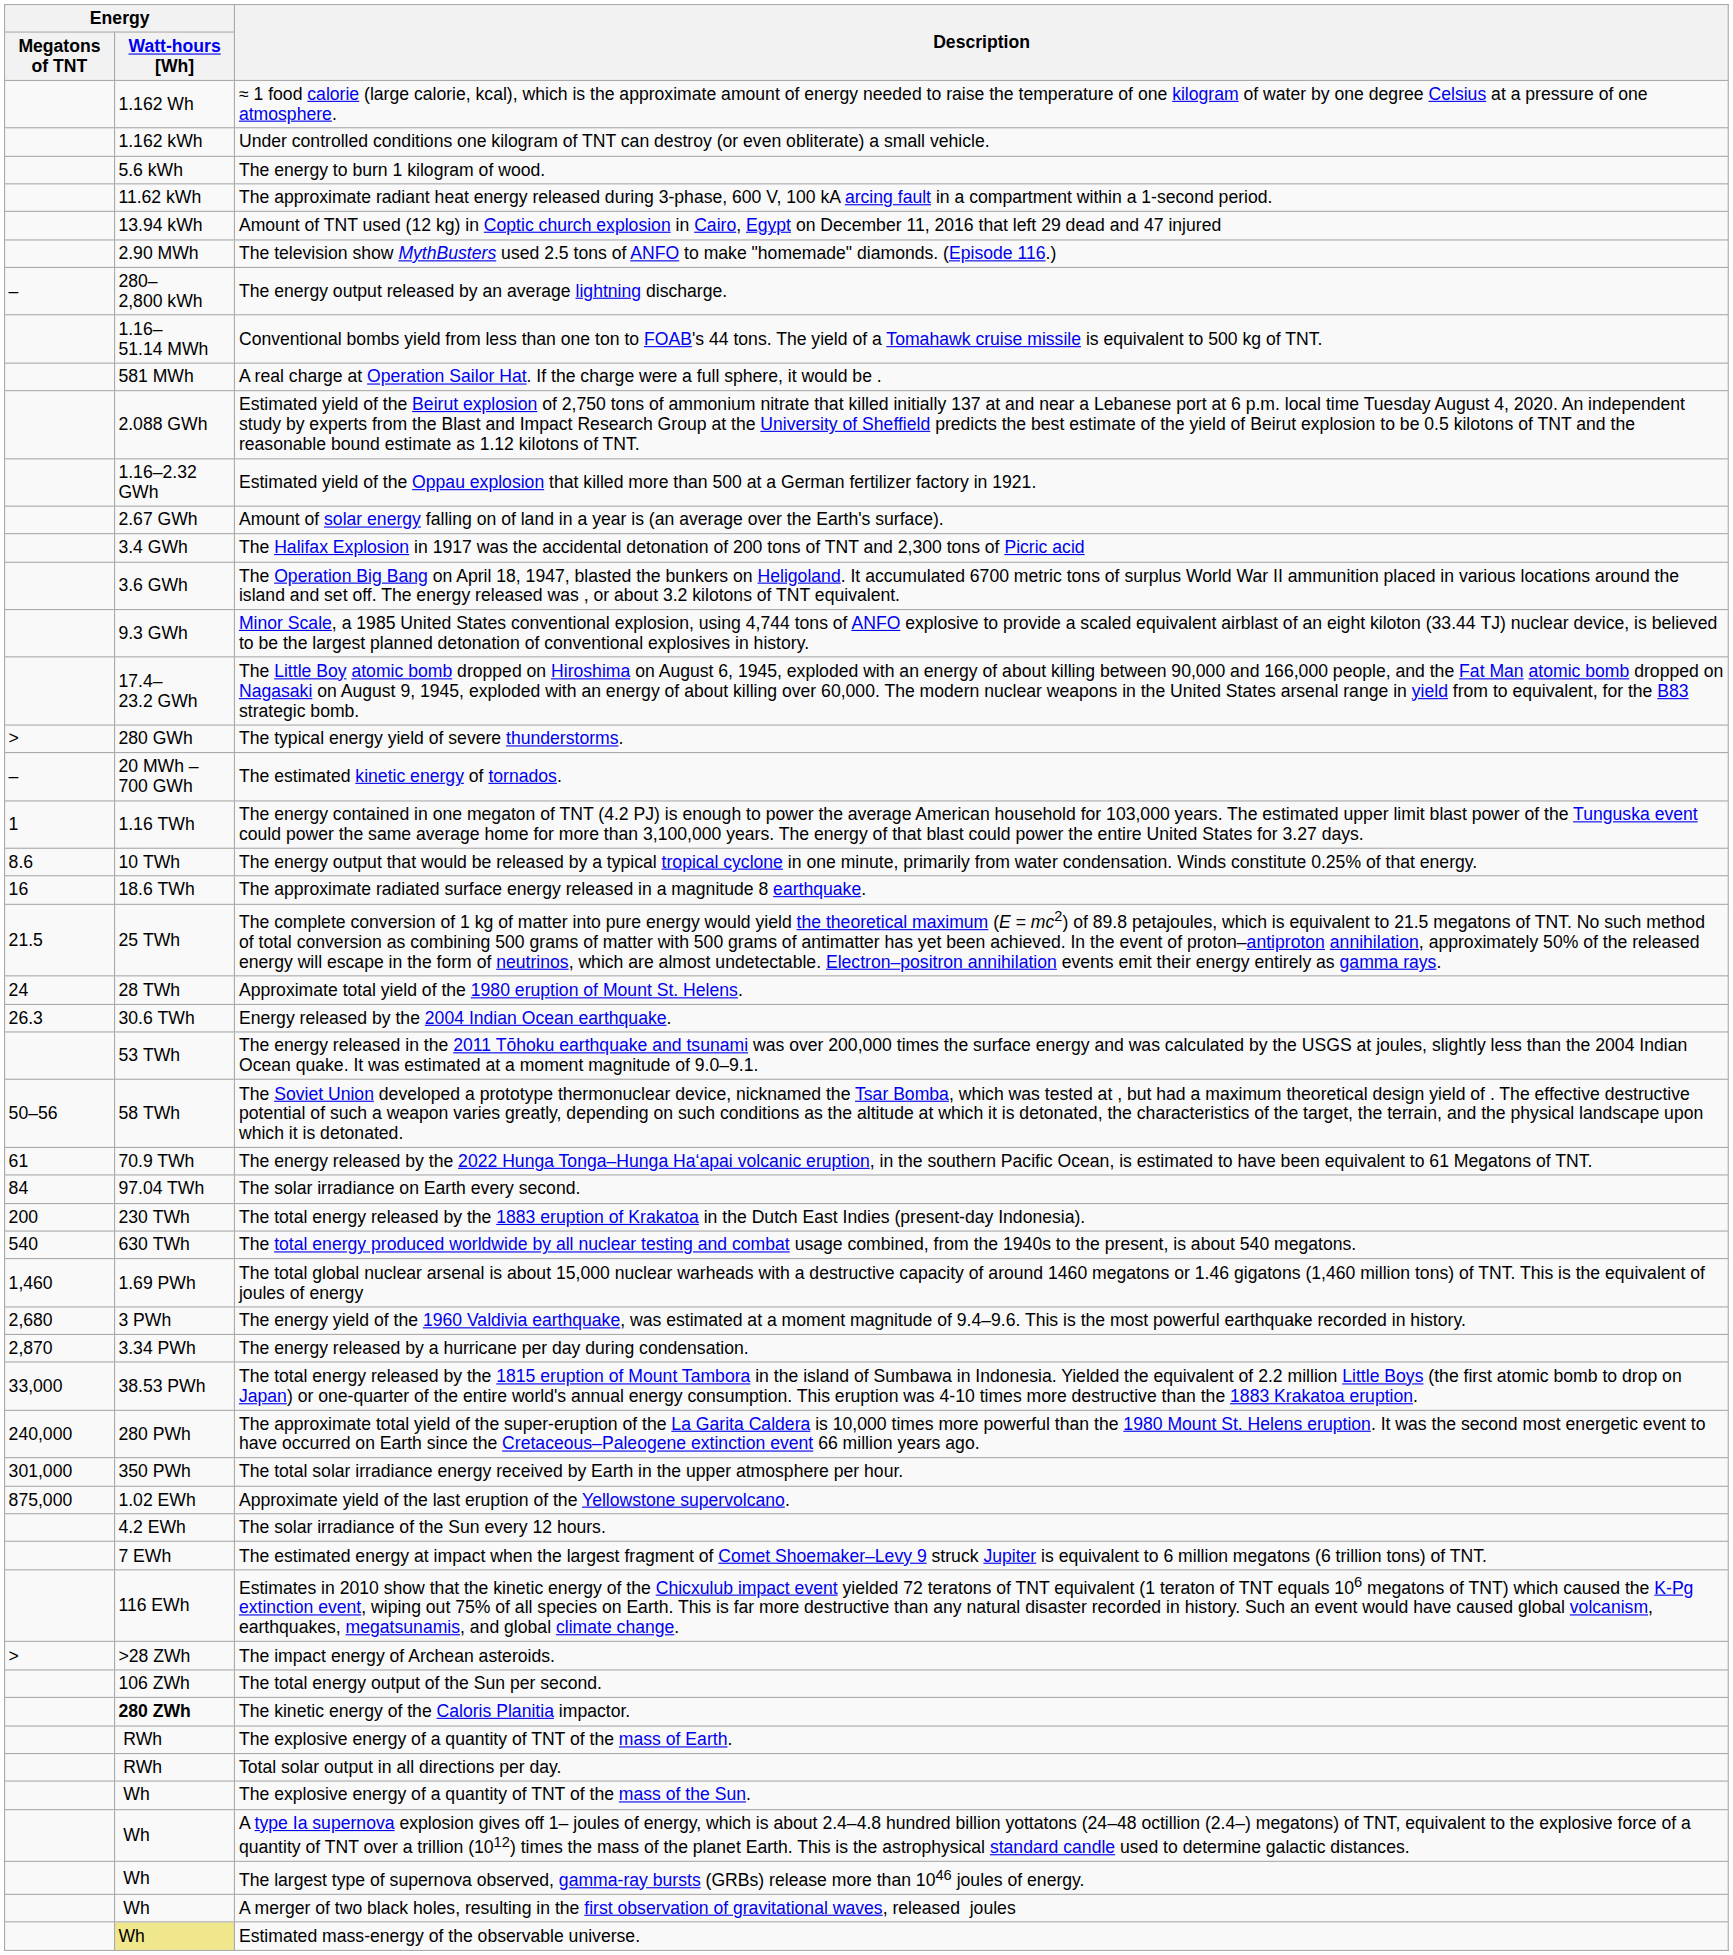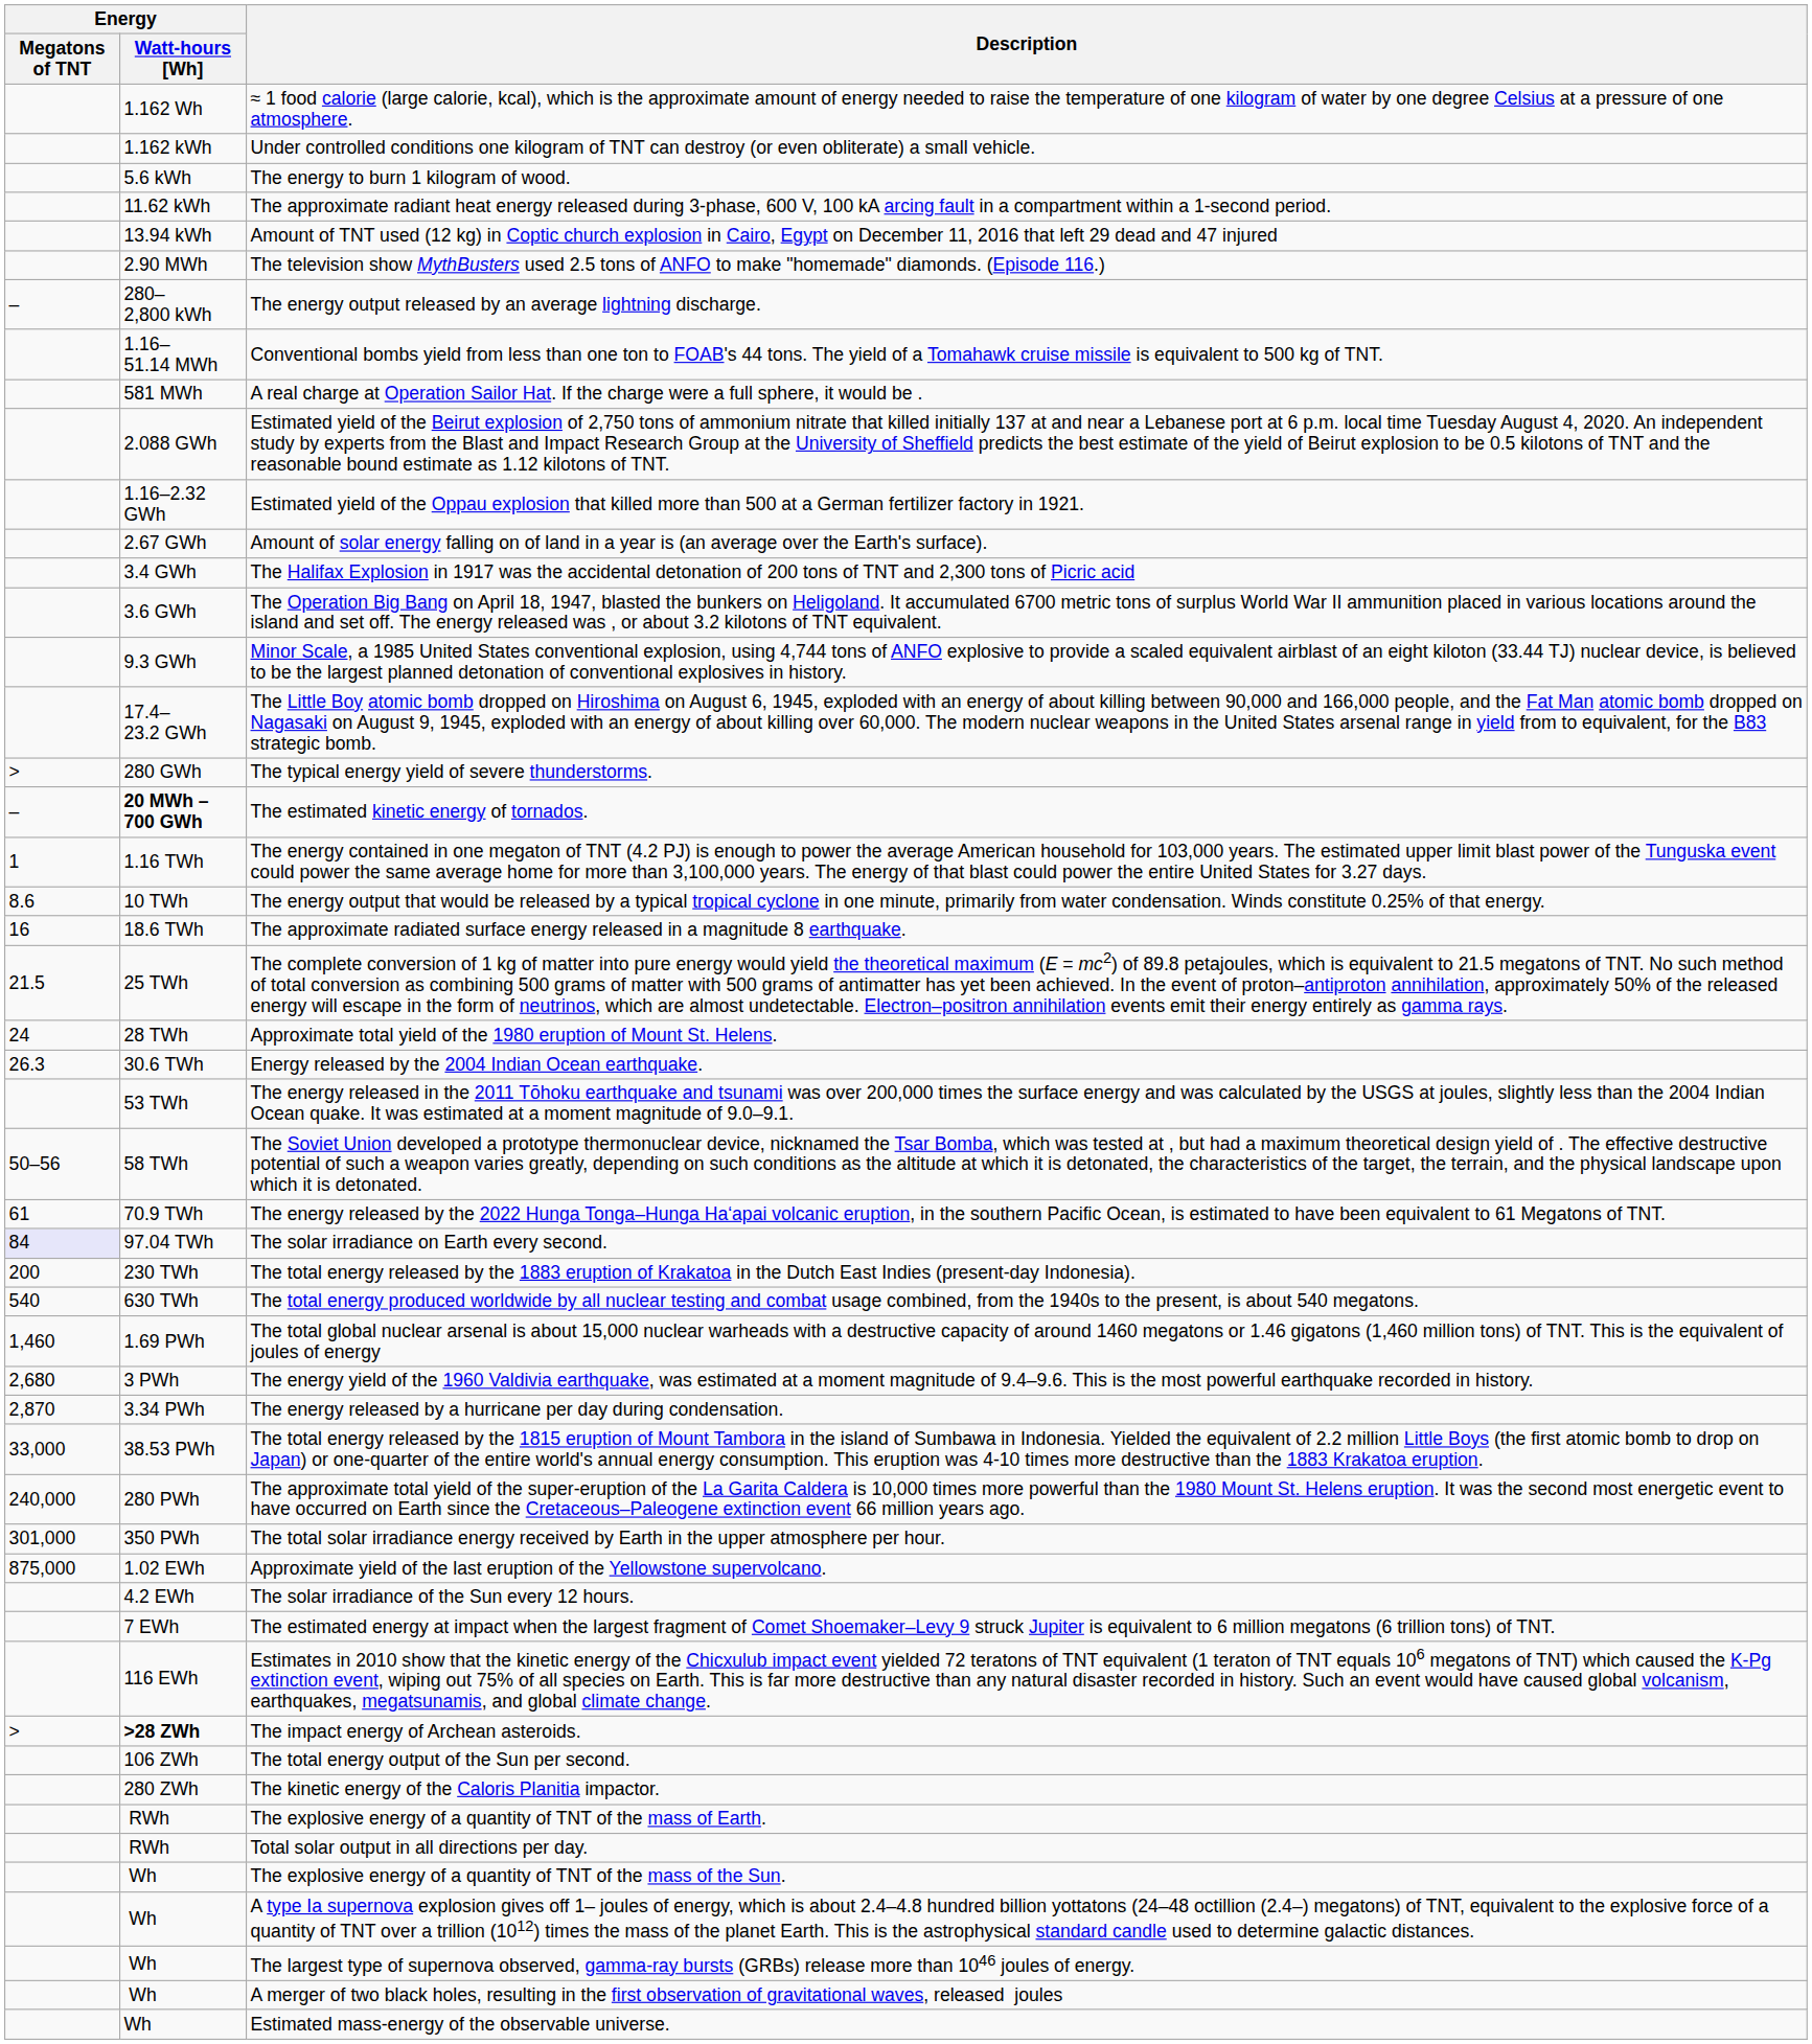 <table class=wikitable>
 <tr>
 <th colspan="2">Energy</th>
 <th rowspan="2">Description</th>
 </tr>
 <tr>
 <th>Megatons of TNT</th>
 <th><a href='#'>Watt-hours</a> [Wh]</th>
 </tr>
 <tr>
 <td></td>
 <td>1.162 Wh</td>
 <td>≈ 1 food <a href='#'>calorie</a> (large calorie, kcal), which is the approximate amount of energy needed to raise the temperature of one <a href='#'>kilogram</a> of water by one degree <a href='#'>Celsius</a> at a pressure of one <a href='#'>atmosphere</a>.</td>
 </tr>
 <tr>
 <td></td>
 <td>1.162 kWh</td>
 <td>Under controlled conditions one kilogram of TNT can destroy (or even obliterate) a small vehicle.</td>
 </tr>
 <tr>
 <td></td>
 <td>5.6 kWh</td>
 <td>The energy to burn 1 kilogram of wood.</td>
 </tr>
 <tr>
 <td></td>
 <td>11.62 kWh</td>
 <td>The approximate radiant heat energy released during 3-phase, 600 V, 100 kA <a href='#'>arcing fault</a> in a  compartment within a 1-second period.</td>
 </tr>
 <tr>
 <td></td>
 <td>13.94 kWh</td>
 <td>Amount of TNT used (12 kg) in <a href='#'>Coptic church explosion</a> in <a href='#'>Cairo</a>, <a href='#'>Egypt</a> on December 11, 2016 that left 29 dead and 47 injured</td>
 </tr>
 <tr>
 <td></td>
 <td>2.90 MWh</td>
 <td>The television show <em><a href='#'>MythBusters</a></em> used 2.5 tons of <a href='#'>ANFO</a> to make "homemade" diamonds. (<a href='#'>Episode 116</a>.)</td>
 </tr>
 <tr>
 <td>–</td>
 <td>280–2,800 kWh</td>
 <td>The energy output released by an average <a href='#'>lightning</a> discharge.</td>
 </tr>
 <tr>
 <td></td>
 <td>1.16–51.14 MWh</td>
 <td>Conventional bombs yield from less than one ton to <a href='#'>FOAB</a>'s 44 tons. The yield of a <a href='#'>Tomahawk cruise missile</a> is equivalent to 500 kg of TNT.</td>
 </tr>
 <tr>
 <td></td>
 <td>581 MWh</td>
 <td>A real  charge at <a href='#'>Operation Sailor Hat</a>. If the charge were a full sphere, it would be . </td>
 </tr>
 <tr>
 <td></td>
 <td>2.088 GWh</td>
 <td>Estimated yield of the <a href='#'>Beirut explosion</a> of 2,750 tons of ammonium nitrate that killed initially 137 at and near a Lebanese port at 6 p.m. local time Tuesday August 4, 2020. An independent study by experts from the Blast and Impact Research Group at the <a href='#'>University of Sheffield</a> predicts the best estimate of the yield of Beirut explosion to be 0.5 kilotons of TNT and the reasonable bound estimate as 1.12 kilotons of TNT.</td>
 </tr>
 <tr>
 <td></td>
 <td>1.16–2.32 GWh</td>
 <td>Estimated yield of the <a href='#'>Oppau explosion</a> that killed more than 500 at a German fertilizer factory in 1921.</td>
 </tr>
 <tr>
 <td></td>
 <td>2.67 GWh</td>
 <td>Amount of <a href='#'>solar energy</a> falling on  of land in a year is  (an average over the Earth's surface).</td>
 </tr>
 <tr>
 <td></td>
 <td>3.4 GWh</td>
 <td>The <a href='#'>Halifax Explosion</a> in 1917 was the accidental detonation of 200 tons of TNT and 2,300 tons of <a href='#'>Picric acid</a></td>
 </tr>
 <tr>
 <td></td>
 <td>3.6 GWh</td>
 <td>The <a href='#'>Operation Big Bang</a> on April 18, 1947, blasted the bunkers on <a href='#'>Heligoland</a>. It accumulated 6700 metric tons of surplus World War II ammunition placed in various locations around the island and set off. The energy released was , or about 3.2 kilotons of TNT equivalent.</td>
 </tr>
 <tr>
 <td></td>
 <td>9.3 GWh</td>
 <td><a href='#'>Minor Scale</a>, a 1985 United States conventional explosion, using 4,744 tons of <a href='#'>ANFO</a> explosive to provide a scaled equivalent airblast of an eight kiloton (33.44 TJ) nuclear device, is believed to be the largest planned detonation of conventional explosives in history.</td>
 </tr>
 <tr>
 <td></td>
 <td>17.4–23.2 GWh</td>
 <td>The <a href='#'>Little Boy</a> <a href='#'>atomic bomb</a> dropped on <a href='#'>Hiroshima</a> on August 6, 1945, exploded with an energy of about  killing between 90,000 and 166,000 people, and the <a href='#'>Fat Man</a> <a href='#'>atomic bomb</a> dropped on <a href='#'>Nagasaki</a> on August 9, 1945, exploded with an energy of about  killing over 60,000. The modern nuclear weapons in the United States arsenal range in <a href='#'>yield</a> from  to  equivalent, for the <a href='#'>B83</a> strategic bomb.</td>
 </tr>
 <tr>
 <td>></td>
 <td>280 GWh</td>
 <td>The typical energy yield of severe <a href='#'>thunderstorms</a>.</td>
 </tr>
 <tr>
 <td> – </td>
-<td>20 MWh – 700 GWh</td>
+<td><strong>20 MWh – 700 GWh</strong></td>
 <td>The estimated <a href='#'>kinetic energy</a> of <a href='#'>tornados</a>.</td>
 </tr>
 <tr>
 <td>1</td>
 <td>1.16 TWh</td>
 <td>The energy contained in one megaton of TNT (4.2 PJ) is enough to power the average American household for 103,000 years. The  estimated upper limit blast power of the <a href='#'>Tunguska event</a> could power the same average home for more than 3,100,000 years. The energy of that blast could power the entire United States for 3.27 days.</td>
 </tr>
 <tr>
 <td>8.6</td>
 <td>10 TWh</td>
 <td>The energy output that would be released by a typical <a href='#'>tropical cyclone</a> in one minute, primarily from water condensation. Winds constitute 0.25% of that energy.</td>
 </tr>
 <tr>
 <td>16</td>
 <td>18.6 TWh</td>
 <td>The approximate radiated surface energy released in a magnitude 8 <a href='#'>earthquake</a>.</td>
 </tr>
 <tr>
 <td>21.5</td>
 <td>25 TWh</td>
 <td>The complete conversion of 1 kg of matter into pure energy would yield <a href='#'>the theoretical maximum</a> (<em>E</em> = <em>mc</em><sup>2</sup>)  of 89.8 petajoules, which is equivalent to 21.5 megatons of TNT. No such method of total conversion as combining 500 grams of matter with 500 grams of antimatter has yet been achieved. In the event of proton–<a href='#'>antiproton</a> <a href='#'>annihilation</a>, approximately 50% of the released energy will escape in the form of <a href='#'>neutrinos</a>, which are almost undetectable. <a href='#'>Electron–positron annihilation</a> events emit their energy entirely as <a href='#'>gamma rays</a>.</td>
 </tr>
 <tr>
 <td>24</td>
 <td>28 TWh</td>
 <td>Approximate total yield of the <a href='#'>1980 eruption of Mount St. Helens</a>.</td>
 </tr>
 <tr>
 <td>26.3</td>
 <td>30.6 TWh</td>
 <td>Energy released by the <a href='#'>2004 Indian Ocean earthquake</a>.</td>
 </tr>
 <tr>
 <td></td>
 <td>53 TWh</td>
 <td>The energy released in the <a href='#'>2011 Tōhoku earthquake and tsunami</a> was over 200,000 times the surface energy and was calculated by the USGS at  joules, slightly less than the 2004 Indian Ocean quake. It was estimated at a moment magnitude of 9.0–9.1.</td>
 </tr>
 <tr>
 <td>50–56</td>
 <td>58 TWh</td>
 <td>The <a href='#'>Soviet Union</a> developed a prototype thermonuclear device, nicknamed the <a href='#'>Tsar Bomba</a>, which was tested at , but had a maximum theoretical design yield of . The effective destructive potential of such a weapon varies greatly, depending on such conditions as the altitude at which it is detonated, the characteristics of the target, the terrain, and the physical landscape upon which it is detonated.</td>
 </tr>
 <tr>
 <td>61</td>
 <td>70.9 TWh</td>
 <td>The energy released by the <a href='#'>2022 Hunga Tonga–Hunga Haʻapai volcanic eruption</a>, in the southern Pacific Ocean, is estimated to have been equivalent to 61 Megatons of TNT.</td>
 </tr>
 <tr>
-<td>84</td>
+<td style="background: lavender;">84</td>
 <td>97.04 TWh</td>
 <td>The solar irradiance on Earth every second.</td>
 </tr>
 <tr>
 <td>200</td>
 <td>230 TWh</td>
 <td>The total energy released by the <a href='#'>1883 eruption of Krakatoa</a> in the Dutch East Indies (present-day Indonesia).</td>
 </tr>
 <tr>
 <td>540</td>
 <td>630 TWh</td>
 <td>The <a href='#'>total energy produced worldwide by all nuclear testing and combat</a> usage combined, from the 1940s to the present, is about 540 megatons.</td>
 </tr>
 <tr>
 <td>1,460</td>
 <td>1.69 PWh</td>
 <td>The total global nuclear arsenal is about 15,000 nuclear warheads with a destructive capacity of around 1460 megatons or 1.46 gigatons (1,460 million tons) of TNT. This is the equivalent of  joules of energy</td>
 </tr>
 <tr>
 <td>2,680</td>
 <td>3 PWh</td>
 <td>The energy yield of the <a href='#'>1960 Valdivia earthquake</a>, was estimated at a moment magnitude of 9.4–9.6. This is the most powerful earthquake recorded in history.</td>
 </tr>
 <tr>
 <td>2,870</td>
 <td>3.34 PWh</td>
 <td>The energy released by a hurricane per day during condensation.</td>
 </tr>
 <tr>
 <td>33,000</td>
 <td>38.53 PWh</td>
 <td>The total energy released by the <a href='#'>1815 eruption of Mount Tambora</a> in the island of Sumbawa in Indonesia. Yielded the equivalent of 2.2 million <a href='#'>Little Boys</a> (the first atomic bomb to drop on <a href='#'>Japan</a>) or one-quarter of the entire world's annual energy consumption. This eruption was 4-10 times more destructive than the <a href='#'>1883 Krakatoa eruption</a>.</td>
 </tr>
 <tr>
 <td>240,000</td>
 <td>280 PWh</td>
 <td>The approximate total yield of the super-eruption of the <a href='#'>La Garita Caldera</a> is 10,000 times more powerful than the <a href='#'>1980 Mount St. Helens eruption</a>. It was the second most energetic event to have occurred on Earth since the <a href='#'>Cretaceous–Paleogene extinction event</a> 66 million years ago.</td>
 </tr>
 <tr>
 <td>301,000</td>
 <td>350 PWh</td>
 <td>The total solar irradiance energy received by Earth in the upper atmosphere per hour.</td>
 </tr>
 <tr>
 <td>875,000</td>
 <td>1.02 EWh</td>
 <td>Approximate yield of the last eruption of the <a href='#'>Yellowstone supervolcano</a>.</td>
 </tr>
 <tr>
 <td></td>
 <td>4.2 EWh</td>
 <td>The solar irradiance of the Sun every 12 hours.</td>
 </tr>
 <tr>
 <td></td>
 <td>7 EWh</td>
 <td>The estimated energy at impact when the largest fragment of <a href='#'>Comet Shoemaker–Levy 9</a> struck <a href='#'>Jupiter</a> is equivalent to 6 million megatons (6 trillion tons) of TNT.</td>
 </tr>
 <tr>
 <td></td>
 <td>116 EWh</td>
 <td>Estimates in 2010 show that the kinetic energy of the <a href='#'>Chicxulub impact event</a> yielded 72 teratons of TNT equivalent (1 teraton of TNT equals 10<sup>6</sup> megatons of TNT) which caused the <a href='#'>K-Pg extinction event</a>, wiping out 75% of all species on Earth. This is far more destructive than any natural disaster recorded in history. Such an event would have caused global <a href='#'>volcanism</a>, earthquakes, <a href='#'>megatsunamis</a>, and global <a href='#'>climate change</a>. </td>
 </tr>
 <tr>
 <td>></td>
-<td>>28 ZWh</td>
+<td><strong>>28 ZWh</strong></td>
 <td>The impact energy of Archean asteroids.</td>
 </tr>
 <tr>
 <td></td>
 <td>106 ZWh</td>
 <td>The total energy output of the Sun per second.</td>
 </tr>
 <tr>
 <td></td>
-<td><strong>280 ZWh</strong></td>
+<td>280 ZWh</td>
 <td>The kinetic energy of the <a href='#'>Caloris Planitia</a> impactor.</td>
 </tr>
 <tr>
 <td></td>
 <td> RWh</td>
 <td>The explosive energy of a quantity of TNT of the <a href='#'>mass of Earth</a>.</td>
 </tr>
 <tr>
 <td></td>
 <td> RWh</td>
 <td>Total solar output in all directions per day.</td>
 </tr>
 <tr>
 <td></td>
 <td> Wh</td>
 <td>The explosive energy of a quantity of TNT of the <a href='#'>mass of the Sun</a>.</td>
 </tr>
 <tr>
 <td></td>
 <td> Wh</td>
 <td>A <a href='#'>type Ia supernova</a> explosion gives off 1– joules of energy, which is about 2.4–4.8 hundred billion yottatons (24–48 octillion (2.4–) megatons) of TNT, equivalent to the explosive force of a quantity of TNT over a trillion (10<sup>12</sup>) times the mass of the planet Earth. This is the astrophysical <a href='#'>standard candle</a> used to determine galactic distances.</td>
 </tr>
 <tr>
 <td></td>
 <td> Wh</td>
 <td>The largest type of supernova observed, <a href='#'>gamma-ray bursts</a> (GRBs) release more than 10<sup>46</sup> joules of energy.</td>
 </tr>
 <tr>
 <td></td>
 <td> Wh</td>
 <td>A merger of two black holes, resulting in the <a href='#'>first observation of gravitational waves</a>, released  joules</td>
 </tr>
 <tr>
 <td></td>
-<td style="background: khaki;"> Wh</td>
+<td> Wh</td>
 <td>Estimated mass-energy of the observable universe.</td>
 </tr>
 </table>
